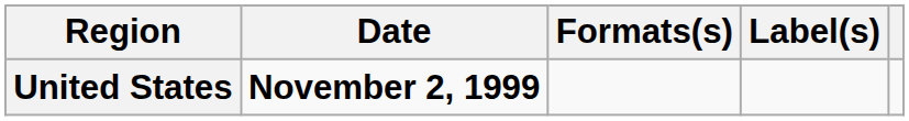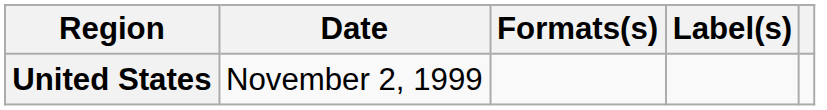 <table class="wikitable plainrowheaders">
 <tr>
 <th scope="col">Region</th>
 <th scope="col">Date</th>
 <th scope="col">Formats(s)</th>
 <th scope="col">Label(s)</th>
 <th scope="col"></th>
 </tr>
 <tr>
 <th scope="row" rowspan="2">United States</th>
-<td><strong>November 2, 1999</strong></td>
+<td>November 2, 1999</td>
 <td></td>
 <td></td>
 <td align="center"></td>
 </tr>
 </table>
